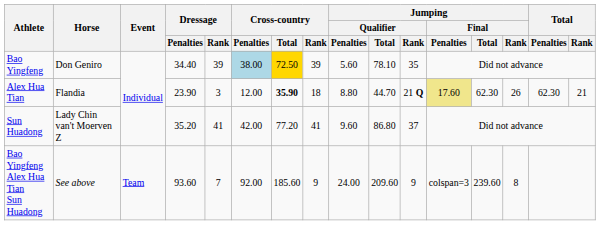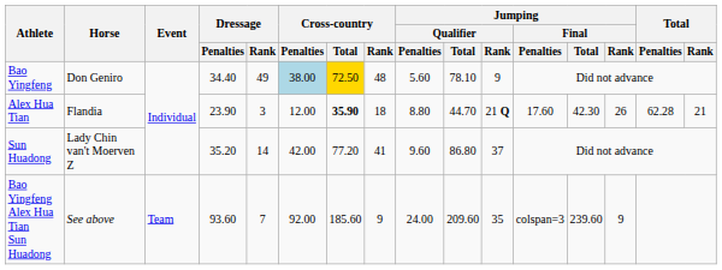 <table class=wikitable style="font-size:90%">
 <tr>
 <th rowspan="3">Athlete</th>
 <th rowspan="3">Horse</th>
 <th rowspan="3">Event</th>
 <th colspan="2" rowspan="2">Dressage</th>
 <th colspan="3" rowspan="2">Cross-country</th>
 <th colspan="6">Jumping</th>
 <th colspan="2" rowspan="2">Total</th>
 </tr>
 <tr style="font-size:95%">
 <th colspan="3">Qualifier</th>
 <th colspan="3">Final</th>
 </tr>
 <tr style="font-size:95%">
 <th>Penalties</th>
 <th>Rank</th>
 <th>Penalties</th>
 <th>Total</th>
 <th>Rank</th>
 <th>Penalties</th>
 <th>Total</th>
 <th>Rank</th>
 <th>Penalties</th>
 <th>Total</th>
 <th>Rank</th>
 <th>Penalties</th>
 <th>Rank</th>
 </tr>
 <tr align=center>
 <td align=left><a href='#'>Bao Yingfeng</a></td>
 <td align=left>Don Geniro</td>
 <td rowspan=3 align=left><a href='#'>Individual</a></td>
 <td>34.40</td>
-<td>39</td>
+<td>49</td>
 <td style="background: lightblue;">38.00</td>
 <td style="background: gold;">72.50</td>
-<td>39</td>
+<td>48</td>
 <td>5.60</td>
 <td>78.10</td>
-<td>35</td>
+<td>9</td>
 <td colspan="5">Did not advance</td>
 </tr>
 <tr align=center>
 <td align=left><a href='#'>Alex Hua Tian</a></td>
 <td align=left>Flandia</td>
 <td>23.90</td>
 <td>3</td>
 <td>12.00</td>
 <td><strong>35.90</strong></td>
 <td>18</td>
 <td>8.80</td>
 <td>44.70</td>
 <td>21 <strong>Q</strong></td>
-<td style="background: khaki;">17.60</td>
-<td>62.30</td>
+<td>17.60</td>
+<td>42.30</td>
 <td>26</td>
-<td>62.30</td>
+<td>62.28</td>
 <td>21</td>
 </tr>
 <tr align=center>
 <td align=left><a href='#'>Sun Huadong</a></td>
 <td align=left>Lady Chin van't Moerven Z</td>
 <td>35.20</td>
-<td>41</td>
+<td>14</td>
 <td>42.00</td>
 <td>77.20</td>
 <td>41</td>
 <td>9.60</td>
 <td>86.80</td>
 <td>37</td>
 <td colspan="5">Did not advance</td>
 </tr>
 <tr align=center>
 <td align=left><a href='#'>Bao Yingfeng</a><br><a href='#'>Alex Hua Tian</a><br><a href='#'>Sun Huadong</a></td>
 <td align=left><em>See above</em></td>
 <td align=left><a href='#'>Team</a></td>
 <td>93.60</td>
 <td>7</td>
 <td>92.00</td>
 <td>185.60</td>
 <td>9</td>
 <td>24.00</td>
 <td>209.60</td>
-<td>9</td>
+<td>35</td>
 <td>colspan=3 </td>
 <td>239.60</td>
-<td>8</td>
+<td>9</td>
 </tr>
 </table>
